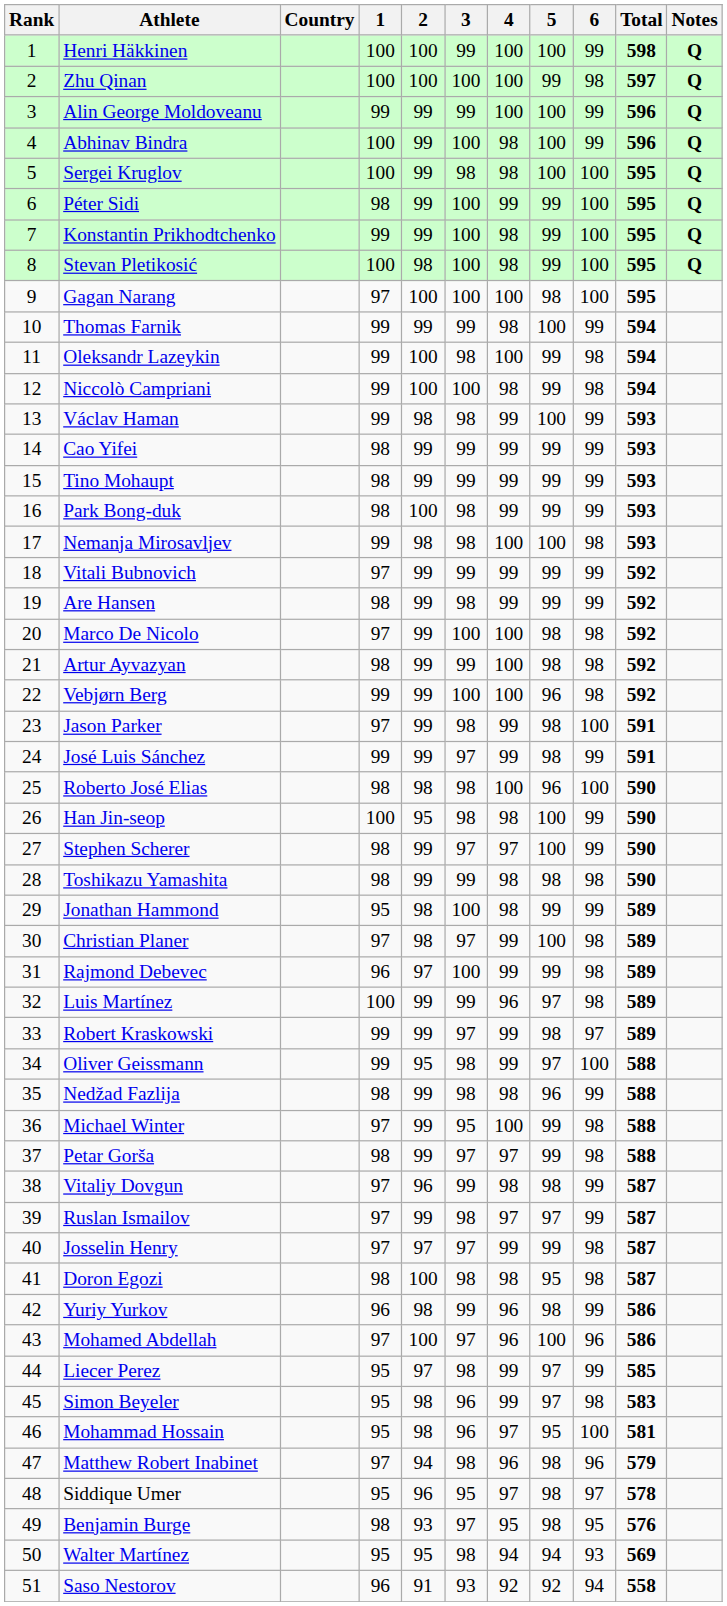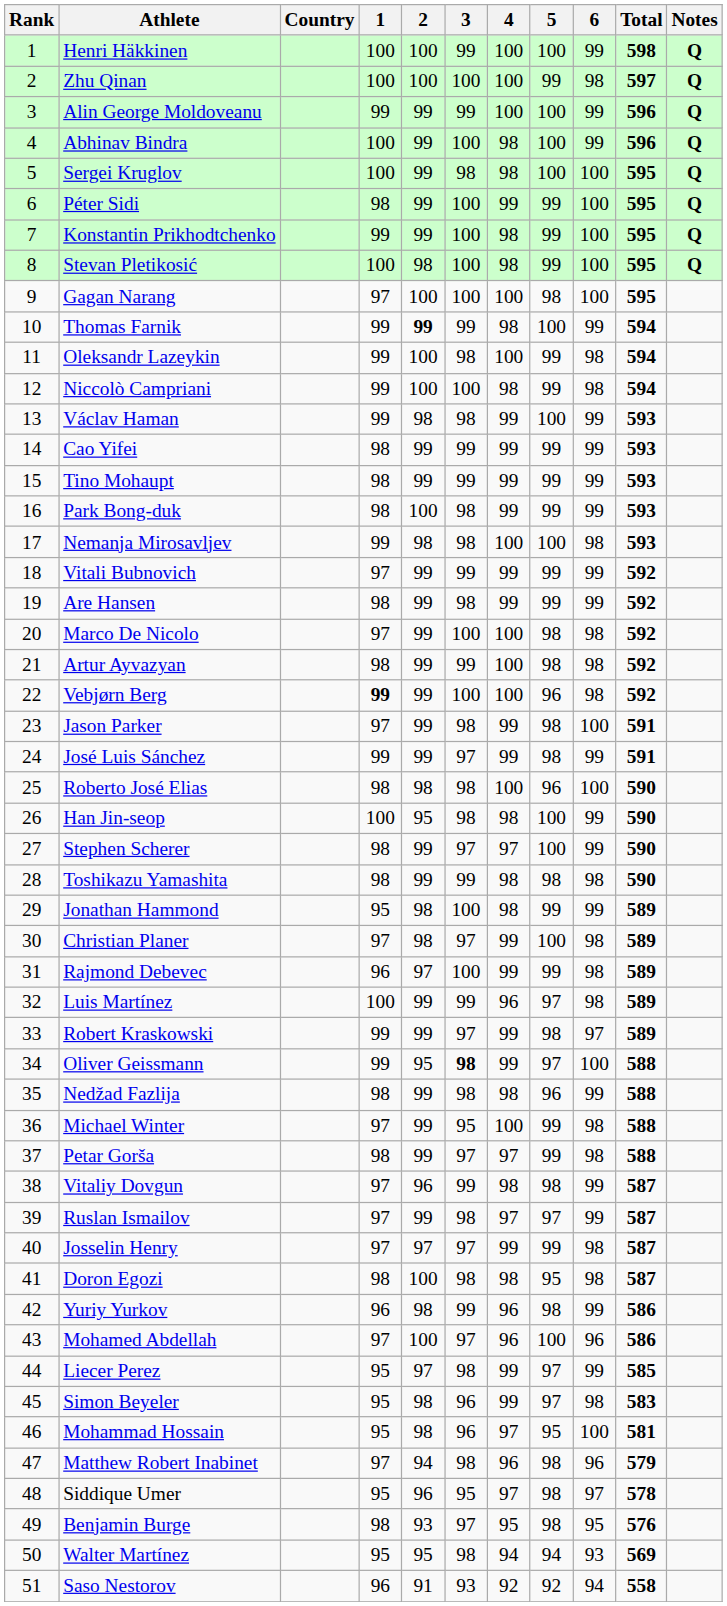 <table class="wikitable sortable" style="text-align:center">
 <tr>
 <th>Rank</th>
 <th>Athlete</th>
 <th>Country</th>
 <th class="unsortable" style="width: 28px">1</th>
 <th class="unsortable" style="width: 28px">2</th>
 <th class="unsortable" style="width: 28px">3</th>
 <th class="unsortable" style="width: 28px">4</th>
 <th class="unsortable" style="width: 28px">5</th>
 <th class="unsortable" style="width: 28px">6</th>
 <th>Total</th>
 <th class="unsortable">Notes</th>
 </tr>
 <tr bgcolor=#ccffcc>
 <td>1</td>
 <td align="left"><a href='#'>Henri Häkkinen</a></td>
 <td align="left"></td>
 <td>100</td>
 <td>100</td>
 <td>99</td>
 <td>100</td>
 <td>100</td>
 <td>99</td>
 <td><strong>598</strong></td>
 <td><strong>Q</strong></td>
 </tr>
 <tr bgcolor=#ccffcc>
 <td>2</td>
 <td align="left"><a href='#'>Zhu Qinan</a></td>
 <td align="left"></td>
 <td>100</td>
 <td>100</td>
 <td>100</td>
 <td>100</td>
 <td>99</td>
 <td>98</td>
 <td><strong>597</strong></td>
 <td><strong>Q</strong></td>
 </tr>
 <tr bgcolor=#ccffcc>
 <td>3</td>
 <td align="left"><a href='#'>Alin George Moldoveanu</a></td>
 <td align="left"></td>
 <td>99</td>
 <td>99</td>
 <td>99</td>
 <td>100</td>
 <td>100</td>
 <td>99</td>
 <td><strong>596</strong></td>
 <td><strong>Q</strong></td>
 </tr>
 <tr bgcolor=#ccffcc>
 <td>4</td>
 <td align="left"><a href='#'>Abhinav Bindra</a></td>
 <td align="left"></td>
 <td>100</td>
 <td>99</td>
 <td>100</td>
 <td>98</td>
 <td>100</td>
 <td>99</td>
 <td><strong>596</strong></td>
 <td><strong>Q</strong></td>
 </tr>
 <tr bgcolor=#ccffcc>
 <td>5</td>
 <td align="left"><a href='#'>Sergei Kruglov</a></td>
 <td align="left"></td>
 <td>100</td>
 <td>99</td>
 <td>98</td>
 <td>98</td>
 <td>100</td>
 <td>100</td>
 <td><strong>595</strong></td>
 <td><strong>Q</strong></td>
 </tr>
 <tr bgcolor=#ccffcc>
 <td>6</td>
 <td align="left"><a href='#'>Péter Sidi</a></td>
 <td align="left"></td>
 <td>98</td>
 <td>99</td>
 <td>100</td>
 <td>99</td>
 <td>99</td>
 <td>100</td>
 <td><strong>595</strong></td>
 <td><strong>Q</strong></td>
 </tr>
 <tr bgcolor=#ccffcc>
 <td>7</td>
 <td align="left"><a href='#'>Konstantin Prikhodtchenko</a></td>
 <td align="left"></td>
 <td>99</td>
 <td>99</td>
 <td>100</td>
 <td>98</td>
 <td>99</td>
 <td>100</td>
 <td><strong>595</strong></td>
 <td><strong>Q</strong></td>
 </tr>
 <tr bgcolor=#ccffcc>
 <td>8</td>
 <td align="left"><a href='#'>Stevan Pletikosić</a></td>
 <td align="left"></td>
 <td>100</td>
 <td>98</td>
 <td>100</td>
 <td>98</td>
 <td>99</td>
 <td>100</td>
 <td><strong>595</strong></td>
 <td><strong>Q</strong></td>
 </tr>
 <tr>
 <td>9</td>
 <td align="left"><a href='#'>Gagan Narang</a></td>
 <td align="left"></td>
 <td>97</td>
 <td>100</td>
 <td>100</td>
 <td>100</td>
 <td>98</td>
 <td>100</td>
 <td><strong>595</strong></td>
 <td></td>
 </tr>
 <tr>
 <td>10</td>
 <td align="left"><a href='#'>Thomas Farnik</a></td>
 <td align="left"></td>
 <td>99</td>
-<td>99</td>
+<td><strong>99</strong></td>
 <td>99</td>
 <td>98</td>
 <td>100</td>
 <td>99</td>
 <td><strong>594</strong></td>
 <td></td>
 </tr>
 <tr>
 <td>11</td>
 <td align="left"><a href='#'>Oleksandr Lazeykin</a></td>
 <td align="left"></td>
 <td>99</td>
 <td>100</td>
 <td>98</td>
 <td>100</td>
 <td>99</td>
 <td>98</td>
 <td><strong>594</strong></td>
 <td></td>
 </tr>
 <tr>
 <td>12</td>
 <td align="left"><a href='#'>Niccolò Campriani</a></td>
 <td align="left"></td>
 <td>99</td>
 <td>100</td>
 <td>100</td>
 <td>98</td>
 <td>99</td>
 <td>98</td>
 <td><strong>594</strong></td>
 <td></td>
 </tr>
 <tr>
 <td>13</td>
 <td align="left"><a href='#'>Václav Haman</a></td>
 <td align="left"></td>
 <td>99</td>
 <td>98</td>
 <td>98</td>
 <td>99</td>
 <td>100</td>
 <td>99</td>
 <td><strong>593</strong></td>
 <td></td>
 </tr>
 <tr>
 <td>14</td>
 <td align="left"><a href='#'>Cao Yifei</a></td>
 <td align="left"></td>
 <td>98</td>
 <td>99</td>
 <td>99</td>
 <td>99</td>
 <td>99</td>
 <td>99</td>
 <td><strong>593</strong></td>
 <td></td>
 </tr>
 <tr>
 <td>15</td>
 <td align="left"><a href='#'>Tino Mohaupt</a></td>
 <td align="left"></td>
 <td>98</td>
 <td>99</td>
 <td>99</td>
 <td>99</td>
 <td>99</td>
 <td>99</td>
 <td><strong>593</strong></td>
 <td></td>
 </tr>
 <tr>
 <td>16</td>
 <td align="left"><a href='#'>Park Bong-duk</a></td>
 <td align="left"></td>
 <td>98</td>
 <td>100</td>
 <td>98</td>
 <td>99</td>
 <td>99</td>
 <td>99</td>
 <td><strong>593</strong></td>
 <td></td>
 </tr>
 <tr>
 <td>17</td>
 <td align="left"><a href='#'>Nemanja Mirosavljev</a></td>
 <td align="left"></td>
 <td>99</td>
 <td>98</td>
 <td>98</td>
 <td>100</td>
 <td>100</td>
 <td>98</td>
 <td><strong>593</strong></td>
 <td></td>
 </tr>
 <tr>
 <td>18</td>
 <td align="left"><a href='#'>Vitali Bubnovich</a></td>
 <td align="left"></td>
 <td>97</td>
 <td>99</td>
 <td>99</td>
 <td>99</td>
 <td>99</td>
 <td>99</td>
 <td><strong>592</strong></td>
 <td></td>
 </tr>
 <tr>
 <td>19</td>
 <td align="left"><a href='#'>Are Hansen</a></td>
 <td align="left"></td>
 <td>98</td>
 <td>99</td>
 <td>98</td>
 <td>99</td>
 <td>99</td>
 <td>99</td>
 <td><strong>592</strong></td>
 <td></td>
 </tr>
 <tr>
 <td>20</td>
 <td align="left"><a href='#'>Marco De Nicolo</a></td>
 <td align="left"></td>
 <td>97</td>
 <td>99</td>
 <td>100</td>
 <td>100</td>
 <td>98</td>
 <td>98</td>
 <td><strong>592</strong></td>
 <td></td>
 </tr>
 <tr>
 <td>21</td>
 <td align="left"><a href='#'>Artur Ayvazyan</a></td>
 <td align="left"></td>
 <td>98</td>
 <td>99</td>
 <td>99</td>
 <td>100</td>
 <td>98</td>
 <td>98</td>
 <td><strong>592</strong></td>
 <td></td>
 </tr>
 <tr>
 <td>22</td>
 <td align="left"><a href='#'>Vebjørn Berg</a></td>
 <td align="left"></td>
-<td>99</td>
+<td><strong>99</strong></td>
 <td>99</td>
 <td>100</td>
 <td>100</td>
 <td>96</td>
 <td>98</td>
 <td><strong>592</strong></td>
 <td></td>
 </tr>
 <tr>
 <td>23</td>
 <td align="left"><a href='#'>Jason Parker</a></td>
 <td align="left"></td>
 <td>97</td>
 <td>99</td>
 <td>98</td>
 <td>99</td>
 <td>98</td>
 <td>100</td>
 <td><strong>591</strong></td>
 <td></td>
 </tr>
 <tr>
 <td>24</td>
 <td align="left"><a href='#'>José Luis Sánchez</a></td>
 <td align="left"></td>
 <td>99</td>
 <td>99</td>
 <td>97</td>
 <td>99</td>
 <td>98</td>
 <td>99</td>
 <td><strong>591</strong></td>
 <td></td>
 </tr>
 <tr>
 <td>25</td>
 <td align="left"><a href='#'>Roberto José Elias</a></td>
 <td align="left"></td>
 <td>98</td>
 <td>98</td>
 <td>98</td>
 <td>100</td>
 <td>96</td>
 <td>100</td>
 <td><strong>590</strong></td>
 <td></td>
 </tr>
 <tr>
 <td>26</td>
 <td align="left"><a href='#'>Han Jin-seop</a></td>
 <td align="left"></td>
 <td>100</td>
 <td>95</td>
 <td>98</td>
 <td>98</td>
 <td>100</td>
 <td>99</td>
 <td><strong>590</strong></td>
 <td></td>
 </tr>
 <tr>
 <td>27</td>
 <td align="left"><a href='#'>Stephen Scherer</a></td>
 <td align="left"></td>
 <td>98</td>
 <td>99</td>
 <td>97</td>
 <td>97</td>
 <td>100</td>
 <td>99</td>
 <td><strong>590</strong></td>
 <td></td>
 </tr>
 <tr>
 <td>28</td>
 <td align="left"><a href='#'>Toshikazu Yamashita</a></td>
 <td align="left"></td>
 <td>98</td>
 <td>99</td>
 <td>99</td>
 <td>98</td>
 <td>98</td>
 <td>98</td>
 <td><strong>590</strong></td>
 <td></td>
 </tr>
 <tr>
 <td>29</td>
 <td align="left"><a href='#'>Jonathan Hammond</a></td>
 <td align="left"></td>
 <td>95</td>
 <td>98</td>
 <td>100</td>
 <td>98</td>
 <td>99</td>
 <td>99</td>
 <td><strong>589</strong></td>
 <td></td>
 </tr>
 <tr>
 <td>30</td>
 <td align="left"><a href='#'>Christian Planer</a></td>
 <td align="left"></td>
 <td>97</td>
 <td>98</td>
 <td>97</td>
 <td>99</td>
 <td>100</td>
 <td>98</td>
 <td><strong>589</strong></td>
 <td></td>
 </tr>
 <tr>
 <td>31</td>
 <td align="left"><a href='#'>Rajmond Debevec</a></td>
 <td align="left"></td>
 <td>96</td>
 <td>97</td>
 <td>100</td>
 <td>99</td>
 <td>99</td>
 <td>98</td>
 <td><strong>589</strong></td>
 <td></td>
 </tr>
 <tr>
 <td>32</td>
 <td align="left"><a href='#'>Luis Martínez</a></td>
 <td align="left"></td>
 <td>100</td>
 <td>99</td>
 <td>99</td>
 <td>96</td>
 <td>97</td>
 <td>98</td>
 <td><strong>589</strong></td>
 <td></td>
 </tr>
 <tr>
 <td>33</td>
 <td align="left"><a href='#'>Robert Kraskowski</a></td>
 <td align="left"></td>
 <td>99</td>
 <td>99</td>
 <td>97</td>
 <td>99</td>
 <td>98</td>
 <td>97</td>
 <td><strong>589</strong></td>
 <td></td>
 </tr>
 <tr>
 <td>34</td>
 <td align="left"><a href='#'>Oliver Geissmann</a></td>
 <td align="left"></td>
 <td>99</td>
 <td>95</td>
-<td>98</td>
+<td><strong>98</strong></td>
 <td>99</td>
 <td>97</td>
 <td>100</td>
 <td><strong>588</strong></td>
 <td></td>
 </tr>
 <tr>
 <td>35</td>
 <td align="left"><a href='#'>Nedžad Fazlija</a></td>
 <td align="left"></td>
 <td>98</td>
 <td>99</td>
 <td>98</td>
 <td>98</td>
 <td>96</td>
 <td>99</td>
 <td><strong>588</strong></td>
 <td></td>
 </tr>
 <tr>
 <td>36</td>
 <td align="left"><a href='#'>Michael Winter</a></td>
 <td align="left"></td>
 <td>97</td>
 <td>99</td>
 <td>95</td>
 <td>100</td>
 <td>99</td>
 <td>98</td>
 <td><strong>588</strong></td>
 <td></td>
 </tr>
 <tr>
 <td>37</td>
 <td align="left"><a href='#'>Petar Gorša</a></td>
 <td align="left"></td>
 <td>98</td>
 <td>99</td>
 <td>97</td>
 <td>97</td>
 <td>99</td>
 <td>98</td>
 <td><strong>588</strong></td>
 <td></td>
 </tr>
 <tr>
 <td>38</td>
 <td align="left"><a href='#'>Vitaliy Dovgun</a></td>
 <td align="left"></td>
 <td>97</td>
 <td>96</td>
 <td>99</td>
 <td>98</td>
 <td>98</td>
 <td>99</td>
 <td><strong>587</strong></td>
 <td></td>
 </tr>
 <tr>
 <td>39</td>
 <td align="left"><a href='#'>Ruslan Ismailov</a></td>
 <td align="left"></td>
 <td>97</td>
 <td>99</td>
 <td>98</td>
 <td>97</td>
 <td>97</td>
 <td>99</td>
 <td><strong>587</strong></td>
 <td></td>
 </tr>
 <tr>
 <td>40</td>
 <td align="left"><a href='#'>Josselin Henry</a></td>
 <td align="left"></td>
 <td>97</td>
 <td>97</td>
 <td>97</td>
 <td>99</td>
 <td>99</td>
 <td>98</td>
 <td><strong>587</strong></td>
 <td></td>
 </tr>
 <tr>
 <td>41</td>
 <td align="left"><a href='#'>Doron Egozi</a></td>
 <td align="left"></td>
 <td>98</td>
 <td>100</td>
 <td>98</td>
 <td>98</td>
 <td>95</td>
 <td>98</td>
 <td><strong>587</strong></td>
 <td></td>
 </tr>
 <tr>
 <td>42</td>
 <td align="left"><a href='#'>Yuriy Yurkov</a></td>
 <td align="left"></td>
 <td>96</td>
 <td>98</td>
 <td>99</td>
 <td>96</td>
 <td>98</td>
 <td>99</td>
 <td><strong>586</strong></td>
 <td></td>
 </tr>
 <tr>
 <td>43</td>
 <td align="left"><a href='#'>Mohamed Abdellah</a></td>
 <td align="left"></td>
 <td>97</td>
 <td>100</td>
 <td>97</td>
 <td>96</td>
 <td>100</td>
 <td>96</td>
 <td><strong>586</strong></td>
 <td></td>
 </tr>
 <tr>
 <td>44</td>
 <td align="left"><a href='#'>Liecer Perez</a></td>
 <td align="left"></td>
 <td>95</td>
 <td>97</td>
 <td>98</td>
 <td>99</td>
 <td>97</td>
 <td>99</td>
 <td><strong>585</strong></td>
 <td></td>
 </tr>
 <tr>
 <td>45</td>
 <td align="left"><a href='#'>Simon Beyeler</a></td>
 <td align="left"></td>
 <td>95</td>
 <td>98</td>
 <td>96</td>
 <td>99</td>
 <td>97</td>
 <td>98</td>
 <td><strong>583</strong></td>
 <td></td>
 </tr>
 <tr>
 <td>46</td>
 <td align="left"><a href='#'>Mohammad Hossain</a></td>
 <td align="left"></td>
 <td>95</td>
 <td>98</td>
 <td>96</td>
 <td>97</td>
 <td>95</td>
 <td>100</td>
 <td><strong>581</strong></td>
 <td></td>
 </tr>
 <tr>
 <td>47</td>
 <td align="left"><a href='#'>Matthew Robert Inabinet</a></td>
 <td align="left"></td>
 <td>97</td>
 <td>94</td>
 <td>98</td>
 <td>96</td>
 <td>98</td>
 <td>96</td>
 <td><strong>579</strong></td>
 <td></td>
 </tr>
 <tr>
 <td>48</td>
 <td align="left">Siddique Umer</td>
 <td align="left"></td>
 <td>95</td>
 <td>96</td>
 <td>95</td>
 <td>97</td>
 <td>98</td>
 <td>97</td>
 <td><strong>578</strong></td>
 <td></td>
 </tr>
 <tr>
 <td>49</td>
 <td align="left"><a href='#'>Benjamin Burge</a></td>
 <td align="left"></td>
 <td>98</td>
 <td>93</td>
 <td>97</td>
 <td>95</td>
 <td>98</td>
 <td>95</td>
 <td><strong>576</strong></td>
 <td></td>
 </tr>
 <tr>
 <td>50</td>
 <td align="left"><a href='#'>Walter Martínez</a></td>
 <td align="left"></td>
 <td>95</td>
 <td>95</td>
 <td>98</td>
 <td>94</td>
 <td>94</td>
 <td>93</td>
 <td><strong>569</strong></td>
 <td></td>
 </tr>
 <tr>
 <td>51</td>
 <td align="left"><a href='#'>Saso Nestorov</a></td>
 <td align="left"></td>
 <td>96</td>
 <td>91</td>
 <td>93</td>
 <td>92</td>
 <td>92</td>
 <td>94</td>
 <td><strong>558</strong></td>
 <td></td>
 </tr>
 </table>
